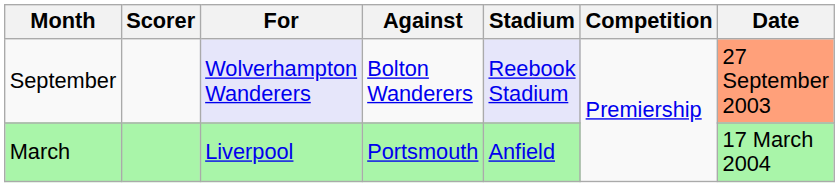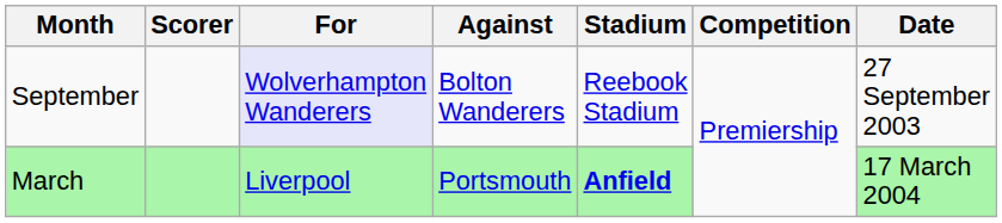 <table class="wikitable">
 <tr>
 <th>Month</th>
 <th>Scorer</th>
 <th>For</th>
 <th>Against</th>
 <th>Stadium</th>
 <th>Competition</th>
 <th>Date</th>
 </tr>
 <tr>
 <td>September</td>
 <td> </td>
 <td style="background: lavender;"><a href='#'>Wolverhampton Wanderers</a></td>
 <td><a href='#'>Bolton Wanderers</a></td>
-<td style="background: lavender;"><a href='#'>Reebook Stadium</a></td>
+<td><a href='#'>Reebook Stadium</a></td>
 <td rowspan=2><a href='#'>Premiership</a></td>
-<td style="background: lightsalmon;">27 September 2003</td>
+<td>27 September 2003</td>
 </tr>
 <tr>
 <td bgcolor=#A9F5A9>March</td>
 <td bgcolor=#A9F5A9> </td>
 <td bgcolor=#A9F5A9><a href='#'>Liverpool</a></td>
 <td bgcolor=#A9F5A9><a href='#'>Portsmouth</a></td>
-<td bgcolor=#A9F5A9><a href='#'>Anfield</a></td>
+<td bgcolor=#A9F5A9><strong><a href='#'>Anfield</a></strong></td>
 <td bgcolor=#A9F5A9>17 March 2004</td>
 </tr>
 </table>
